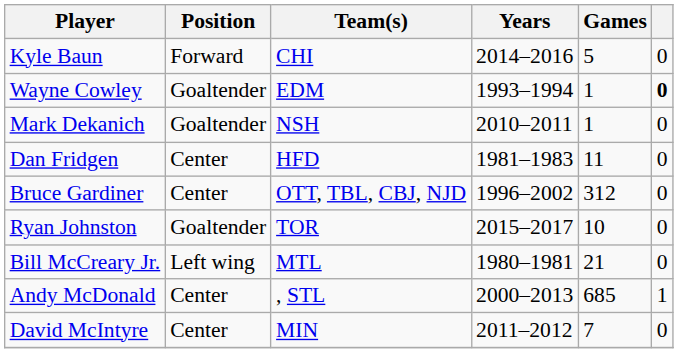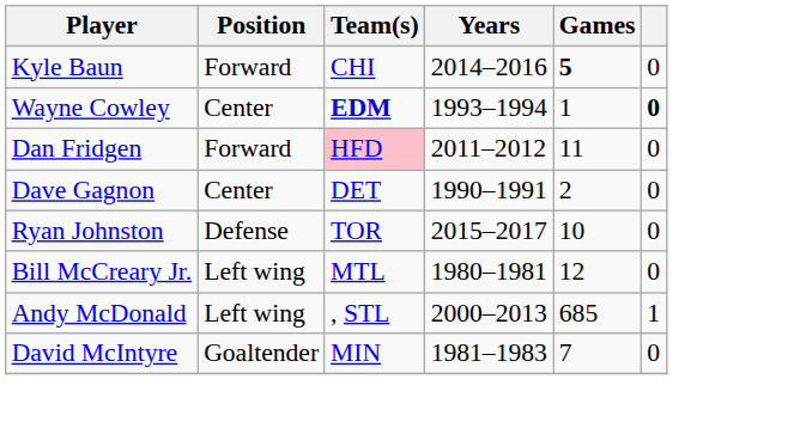 <table class="wikitable sortable">
 <tr>
 <th>Player</th>
 <th>Position</th>
 <th>Team(s)</th>
 <th>Years</th>
 <th>Games</th>
 <th><a href='#'></a></th>
 </tr>
 <tr>
 <td><a href='#'>Kyle Baun</a></td>
 <td>Forward</td>
 <td><a href='#'>CHI</a></td>
 <td>2014–2016</td>
-<td>5</td>
+<td><strong>5</strong></td>
 <td>0</td>
 </tr>
 <tr>
 <td><a href='#'>Wayne Cowley</a></td>
-<td>Goaltender</td>
-<td><a href='#'>EDM</a></td>
+<td>Center</td>
+<td><strong><a href='#'>EDM</a></strong></td>
 <td>1993–1994</td>
 <td>1</td>
 <td><strong>0</strong></td>
 </tr>
 <tr>
-<td><a href='#'>Mark Dekanich</a></td>
-<td>Goaltender</td>
-<td><a href='#'>NSH</a></td>
-<td>2010–2011</td>
-<td>1</td>
-<td>0</td>
-</tr>
-<tr>
 <td><a href='#'>Dan Fridgen</a></td>
-<td>Center</td>
-<td><a href='#'>HFD</a></td>
-<td>1981–1983</td>
+<td>Forward</td>
+<td style="background: pink;"><a href='#'>HFD</a></td>
+<td>2011–2012</td>
 <td>11</td>
 <td>0</td>
 </tr>
 <tr>
-<td><a href='#'>Bruce Gardiner</a></td>
+<td><a href='#'>Dave Gagnon</a></td>
 <td>Center</td>
-<td><a href='#'>OTT</a>, <a href='#'>TBL</a>, <a href='#'>CBJ</a>, <a href='#'>NJD</a></td>
-<td>1996–2002</td>
-<td>312</td>
+<td><a href='#'>DET</a></td>
+<td>1990–1991</td>
+<td>2</td>
 <td>0</td>
 </tr>
 <tr>
 <td><a href='#'>Ryan Johnston</a></td>
-<td>Goaltender</td>
+<td>Defense</td>
 <td><a href='#'>TOR</a></td>
 <td>2015–2017</td>
 <td>10</td>
 <td>0</td>
 </tr>
 <tr>
 <td><a href='#'>Bill McCreary Jr.</a></td>
 <td>Left wing</td>
 <td><a href='#'>MTL</a></td>
 <td>1980–1981</td>
-<td>21</td>
+<td>12</td>
 <td>0</td>
 </tr>
 <tr>
 <td><a href='#'>Andy McDonald</a></td>
-<td>Center</td>
+<td>Left wing</td>
 <td><span><strong></strong></span>, <a href='#'>STL</a></td>
 <td>2000–2013</td>
 <td>685</td>
 <td>1</td>
 </tr>
 <tr>
 <td><a href='#'>David McIntyre</a></td>
-<td>Center</td>
+<td>Goaltender</td>
 <td><a href='#'>MIN</a></td>
-<td>2011–2012</td>
+<td>1981–1983</td>
 <td>7</td>
 <td>0</td>
 </tr>
 <tr>
 </tr>
 </table>
